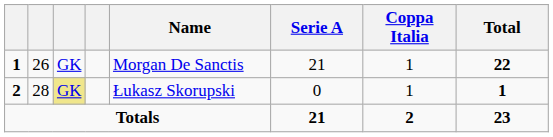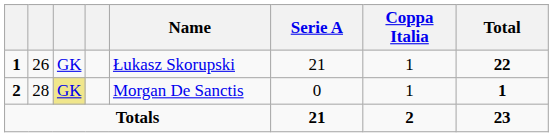 <table class="wikitable" style="text-align:center">
 <tr>
 <th width=15></th>
 <th width=15></th>
 <th width=15></th>
 <th width=15></th>
 <th width=145>Name</th>
 <th width=80><a href='#'>Serie A</a></th>
 <th width=80><a href='#'>Coppa Italia</a></th>
 <th width=80>Total</th>
 </tr>
 <tr>
 <td><strong>1</strong></td>
 <td>26</td>
 <td><a href='#'>GK</a></td>
 <td></td>
-<td align=left><a href='#'>Morgan De Sanctis</a></td>
+<td align=left><a href='#'>Łukasz Skorupski</a></td>
 <td>21</td>
 <td>1</td>
 <td><strong>22</strong></td>
 </tr>
 <tr>
 <td><strong>2</strong></td>
 <td>28</td>
 <td style="background: khaki;"><a href='#'>GK</a></td>
 <td></td>
-<td align=left><a href='#'>Łukasz Skorupski</a></td>
+<td align=left><a href='#'>Morgan De Sanctis</a></td>
 <td>0</td>
 <td>1</td>
 <td><strong>1</strong></td>
 </tr>
 <tr>
 <td colspan=5><strong>Totals</strong></td>
 <td><strong>21</strong></td>
 <td><strong>2</strong></td>
 <td><strong>23</strong></td>
 </tr>
 </table>
